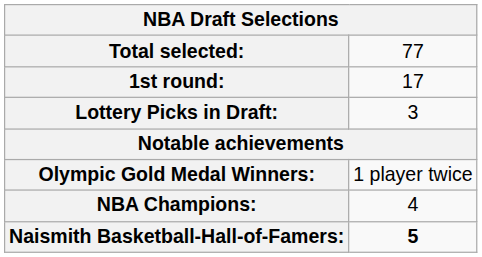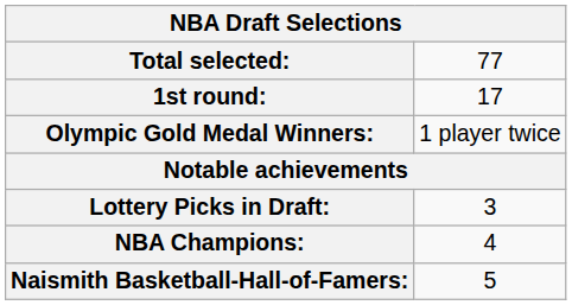 <table class="wikitable" style="text-align: center;">
 <tr>
 <th colspan="2">NBA Draft Selections</th>
 </tr>
 <tr>
 <th>Total selected:</th>
 <td align=center>77</td>
 </tr>
 <tr>
 <th>1st round:</th>
 <td align=center>17</td>
 </tr>
 <tr>
-<th>Lottery Picks in Draft:</th>
-<td align=center>3</td>
+<th>Olympic Gold Medal Winners:</th>
+<td align=center>1 player twice</td>
 </tr>
 <tr>
 <th colspan="2">Notable achievements</th>
 </tr>
 <tr>
-<th>Olympic Gold Medal Winners:</th>
-<td align=center>1 player twice</td>
+<th>Lottery Picks in Draft:</th>
+<td align=center>3</td>
 </tr>
 <tr>
 <th>NBA Champions:</th>
 <td align=center>4</td>
 </tr>
 <tr>
 <th>Naismith Basketball-Hall-of-Famers:</th>
-<td align=center><strong>5</strong></td>
+<td align=center>5</td>
 </tr>
 </table>
